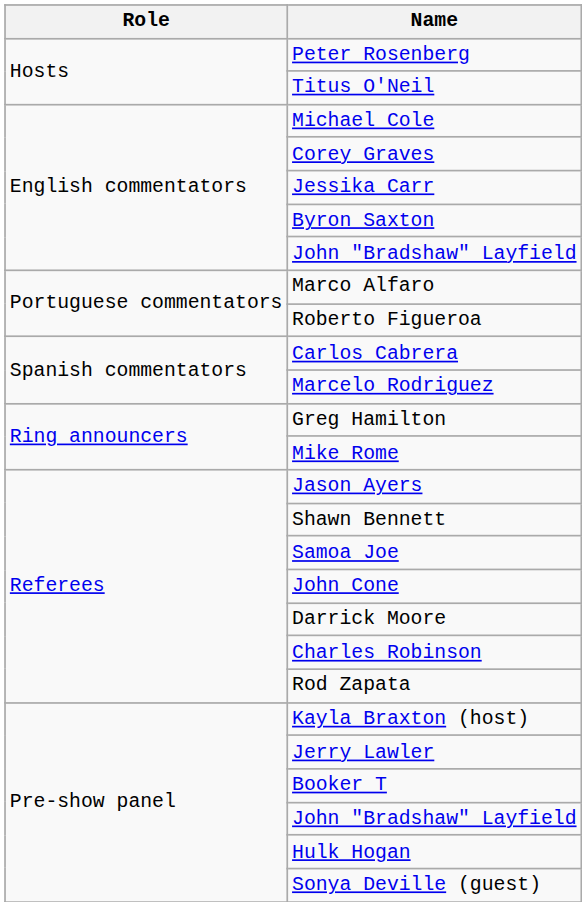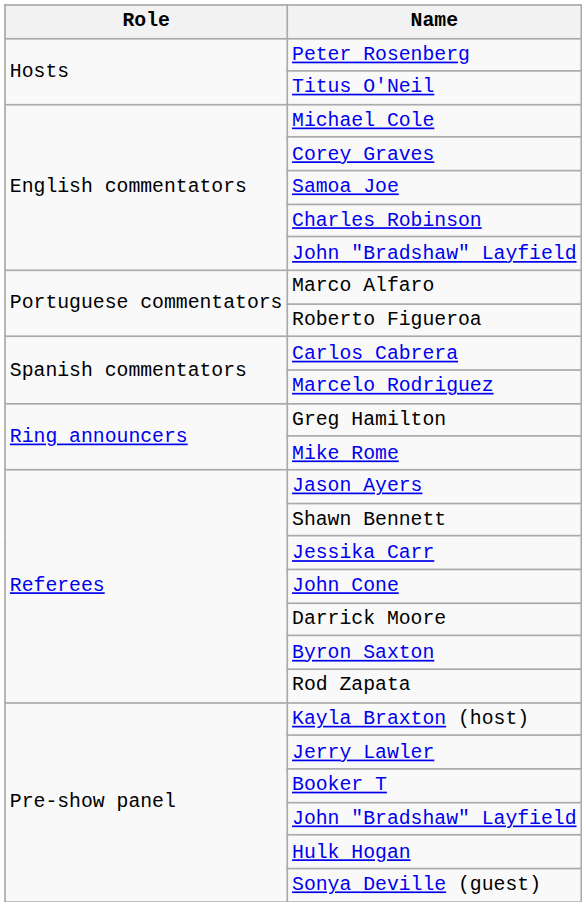 <table class=wikitable style="font-size:90%; margin: 0.5em 0 0.5em 1em; float: right; clear: right;">
 <tr>
 <th>Role</th>
 <th>Name</th>
 </tr>
 <tr>
 <td rowspan=2>Hosts</td>
 <td><a href='#'>Peter Rosenberg</a></td>
 </tr>
 <tr>
 <td><a href='#'>Titus O'Neil</a></td>
 </tr>
 <tr>
 <td rowspan="5">English commentators</td>
 <td><a href='#'>Michael Cole</a> </td>
 </tr>
 <tr>
 <td><a href='#'>Corey Graves</a> </td>
 </tr>
 <tr>
-<td><a href='#'>Jessika Carr</a></td>
+<td><a href='#'>Samoa Joe</a> </td>
 </tr>
 <tr>
-<td><a href='#'>Byron Saxton</a> </td>
+<td><a href='#'>Charles Robinson</a></td>
 </tr>
 <tr>
 <td><a href='#'>John "Bradshaw" Layfield</a> </td>
 </tr>
 <tr>
 <td rowspan=2>Portuguese commentators</td>
 <td>Marco Alfaro</td>
 </tr>
 <tr>
 <td>Roberto Figueroa</td>
 </tr>
 <tr>
 <td rowspan="2">Spanish commentators</td>
 <td><a href='#'>Carlos Cabrera</a></td>
 </tr>
 <tr>
 <td><a href='#'>Marcelo Rodriguez</a></td>
 </tr>
 <tr>
 <td rowspan="2"><a href='#'>Ring announcers</a></td>
 <td>Greg Hamilton </td>
 </tr>
 <tr>
 <td><a href='#'>Mike Rome</a> </td>
 </tr>
 <tr>
 <td rowspan="7"><a href='#'>Referees</a></td>
 <td><a href='#'>Jason Ayers</a></td>
 </tr>
 <tr>
 <td>Shawn Bennett</td>
 </tr>
 <tr>
-<td><a href='#'>Samoa Joe</a> </td>
+<td><a href='#'>Jessika Carr</a></td>
 </tr>
 <tr>
 <td><a href='#'>John Cone</a></td>
 </tr>
 <tr>
 <td>Darrick Moore</td>
 </tr>
 <tr>
-<td><a href='#'>Charles Robinson</a></td>
+<td><a href='#'>Byron Saxton</a> </td>
 </tr>
 <tr>
 <td>Rod Zapata</td>
 </tr>
 <tr>
 <td rowspan="6">Pre-show panel</td>
 <td><a href='#'>Kayla Braxton</a> (host)</td>
 </tr>
 <tr>
 <td><a href='#'>Jerry Lawler</a></td>
 </tr>
 <tr>
 <td><a href='#'>Booker T</a></td>
 </tr>
 <tr>
 <td><a href='#'>John "Bradshaw" Layfield</a></td>
 </tr>
 <tr>
 <td><a href='#'>Hulk Hogan</a></td>
 </tr>
 <tr>
 <td><a href='#'>Sonya Deville</a> (guest)</td>
 </tr>
 <tr>
 </tr>
 </table>
